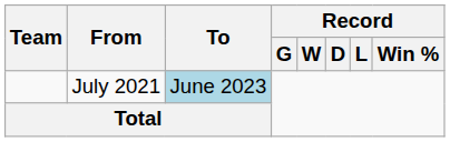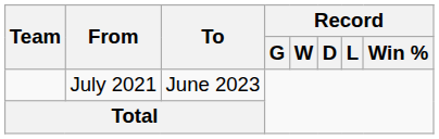 <table class="wikitable" style="text-align: center">
 <tr>
 <th rowspan="2">Team</th>
 <th rowspan="2">From</th>
 <th rowspan="2">To</th>
 <th colspan="5">Record</th>
 </tr>
 <tr>
 <th>G</th>
 <th>W</th>
 <th>D</th>
 <th>L</th>
 <th>Win %</th>
 </tr>
 <tr>
 <td align=left></td>
 <td align=left>July 2021</td>
-<td align=left style="background: lightblue;">June 2023<br></td>
+<td align=left>June 2023<br></td>
 </tr>
 <tr>
 <th colspan="3">Total<br></th>
 </tr>
 </table>
